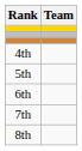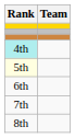 <table class=wikitable style="text-align:center;">
 <tr>
 <th>Rank</th>
 <th>Team</th>
 </tr>
 <tr style="background:#ffd700;">
 <td></td>
 <td align=left></td>
 </tr>
 <tr style="background:#c0c0c0;">
 <td></td>
 <td align=left></td>
 </tr>
 <tr style="background:#CD853F;">
 <td></td>
 <td align=left></td>
 </tr>
 <tr>
-<td>4th</td>
+<td style="background: paleturquoise;">4th</td>
 <td align=left></td>
 </tr>
 <tr>
-<td>5th</td>
+<td style="background: lightyellow;">5th</td>
 <td align=left></td>
 </tr>
 <tr>
 <td>6th</td>
 <td align=left></td>
 </tr>
 <tr>
 <td>7th</td>
 <td align=left></td>
 </tr>
 <tr>
 <td>8th</td>
 <td align=left></td>
 </tr>
 </table>
